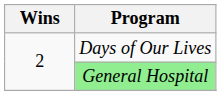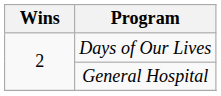 <table class="wikitable" style="text-align: center;">
 <tr>
 <th style="width:55px;">Wins</th>
 <th style="text-align:center;">Program</th>
 </tr>
 <tr>
 <td scope="row" rowspan="2" style="text-align:center">2</td>
 <td><em>Days of Our Lives</em></td>
 </tr>
 <tr>
-<td style="background: lightgreen;"><em>General Hospital</em></td>
+<td><em>General Hospital</em></td>
 </tr>
 <tr>
 </tr>
 </table>
